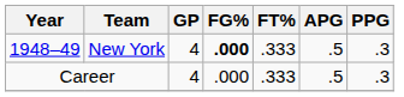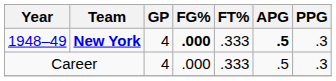 <table class="wikitable sortable" style="font-size:95%; text-align:right;">
 <tr>
 <th>Year</th>
 <th>Team</th>
 <th>GP</th>
 <th>FG%</th>
 <th>FT%</th>
 <th>APG</th>
 <th>PPG</th>
 </tr>
 <tr>
 <td style="text-align:left;"><a href='#'>1948–49</a></td>
-<td style="text-align:left;"><a href='#'>New York</a></td>
+<td style="text-align:left;"><strong><a href='#'>New York</a></strong></td>
 <td>4</td>
 <td><strong>.000</strong></td>
 <td>.333</td>
-<td>.5</td>
+<td><strong>.5</strong></td>
 <td>.3</td>
 </tr>
 <tr>
 <td style="text-align:center;" colspan="2">Career</td>
 <td>4</td>
 <td>.000</td>
 <td>.333</td>
 <td>.5</td>
 <td>.3</td>
 </tr>
 <tr>
 </tr>
 </table>
